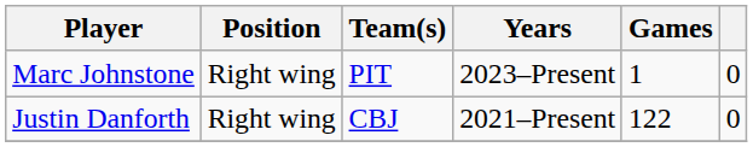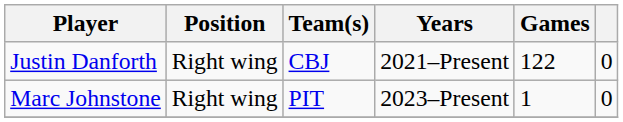 <table class="wikitable sortable">
 <tr>
 <th>Player</th>
 <th>Position</th>
 <th>Team(s)</th>
 <th>Years</th>
 <th>Games</th>
 <th><a href='#'></a></th>
 </tr>
 <tr>
+<td><a href='#'>Justin Danforth</a></td>
+<td>Right wing</td>
+<td><a href='#'>CBJ</a></td>
+<td>2021–Present</td>
+<td>122</td>
+<td>0</td>
+</tr>
+<tr>
 <td><a href='#'>Marc Johnstone</a></td>
 <td>Right wing</td>
 <td><a href='#'>PIT</a></td>
 <td>2023–Present</td>
 <td>1</td>
 <td>0</td>
 </tr>
 <tr>
-<td><a href='#'>Justin Danforth</a></td>
-<td>Right wing</td>
-<td><a href='#'>CBJ</a></td>
-<td>2021–Present</td>
-<td>122</td>
-<td>0</td>
-</tr>
-<tr>
 </tr>
 </table>
